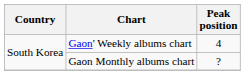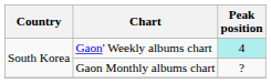 <table class="wikitable sortable">
 <tr>
 <th>Country</th>
 <th>Chart</th>
 <th>Peak<br>position</th>
 </tr>
 <tr>
 <td rowspan="2">South Korea</td>
 <td><a href='#'>Gaon</a>' Weekly albums chart</td>
-<td align="center">4</td>
+<td align="center" style="background: paleturquoise;">4</td>
 </tr>
 <tr>
 <td>Gaon Monthly albums chart</td>
 <td align="center">?</td>
 </tr>
 <tr>
 </tr>
 </table>
